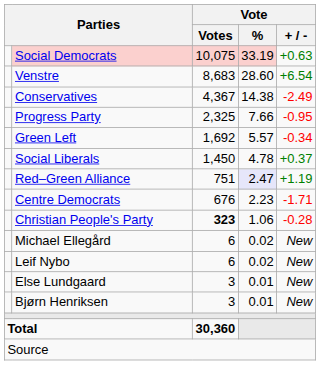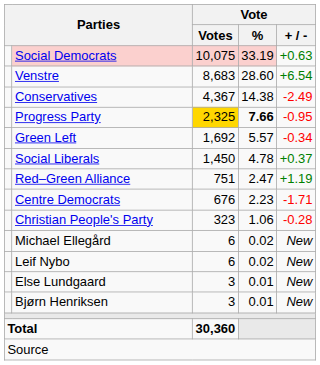 <table class="wikitable" style="text-align:right;">
 <tr>
 <th style="text-align:centre;" rowspan="2" colspan="2" width="225">Parties</th>
 <th colspan="3">Vote</th>
 </tr>
 <tr>
 <th width="15">Votes</th>
 <th width="15">%</th>
 <th width="15">+ / -</th>
 </tr>
 <tr>
 <td width="2" style="color:inherit;background:"></td>
 <td bgcolor=#fbd0ce  align="left"><a href='#'>Social Democrats</a></td>
 <td bgcolor=#fbd0ce>10,075</td>
 <td bgcolor=#fbd0ce>33.19</td>
 <td style=color:green;>+0.63</td>
 </tr>
 <tr>
 <td width="2" style="color:inherit;background:"></td>
 <td align="left"><a href='#'>Venstre</a></td>
 <td>8,683</td>
 <td>28.60</td>
 <td style=color:green;>+6.54</td>
 </tr>
 <tr>
 <td width="2" style="color:inherit;background:"></td>
 <td align="left"><a href='#'>Conservatives</a></td>
 <td>4,367</td>
 <td>14.38</td>
 <td style=color:red;>-2.49</td>
 </tr>
 <tr>
 <td width="2" style="color:inherit;background:"></td>
 <td align="left"><a href='#'>Progress Party</a></td>
-<td>2,325</td>
-<td>7.66</td>
+<td style="background: gold;">2,325</td>
+<td><strong>7.66</strong></td>
 <td style=color:red;>-0.95</td>
 </tr>
 <tr>
 <td width="2" style="color:inherit;background:"></td>
 <td align="left"><a href='#'>Green Left</a></td>
 <td>1,692</td>
 <td>5.57</td>
 <td style=color:red;>-0.34</td>
 </tr>
 <tr>
 <td width="2" style="color:inherit;background:"></td>
 <td align="left"><a href='#'>Social Liberals</a></td>
 <td>1,450</td>
 <td>4.78</td>
 <td style=color:green;>+0.37</td>
 </tr>
 <tr>
 <td width="2" style="color:inherit;background:"></td>
 <td align="left"><a href='#'>Red–Green Alliance</a></td>
 <td>751</td>
-<td style="background: lavender;">2.47</td>
+<td>2.47</td>
 <td style=color:green;>+1.19</td>
 </tr>
 <tr>
 <td width="2" style="color:inherit;background:"></td>
 <td align="left"><a href='#'>Centre Democrats</a></td>
 <td>676</td>
 <td>2.23</td>
 <td style=color:red;>-1.71</td>
 </tr>
 <tr>
 <td width="2" style="color:inherit;background:"></td>
 <td align="left"><a href='#'>Christian People's Party</a></td>
-<td><strong>323</strong></td>
+<td>323</td>
 <td>1.06</td>
 <td style=color:red;>-0.28</td>
 </tr>
 <tr>
 <td width="2" style="color:inherit;background:"></td>
 <td align="left">Michael Ellegård</td>
 <td>6</td>
 <td>0.02</td>
 <td><em>New</em></td>
 </tr>
 <tr>
 <td width="2" style="color:inherit;background:"></td>
 <td align="left">Leif Nybo</td>
 <td>6</td>
 <td>0.02</td>
 <td><em>New</em></td>
 </tr>
 <tr>
 <td width="2" style="color:inherit;background:"></td>
 <td align="left">Else Lundgaard</td>
 <td>3</td>
 <td>0.01</td>
 <td><em>New</em></td>
 </tr>
 <tr>
 <td width="2" style="color:inherit;background:"></td>
 <td align="left">Bjørn Henriksen</td>
 <td>3</td>
 <td>0.01</td>
 <td><em>New</em></td>
 </tr>
 <tr>
 <td colspan="7" bgcolor="#E9E9E9"></td>
 </tr>
 <tr>
 <td align="left" colspan="2"><strong>Total</strong></td>
 <td><strong>30,360</strong></td>
 <td bgcolor="#E9E9E9" colspan="2"></td>
 </tr>
 <tr>
 <td align="left" colspan="6">Source</td>
 </tr>
 </table>
